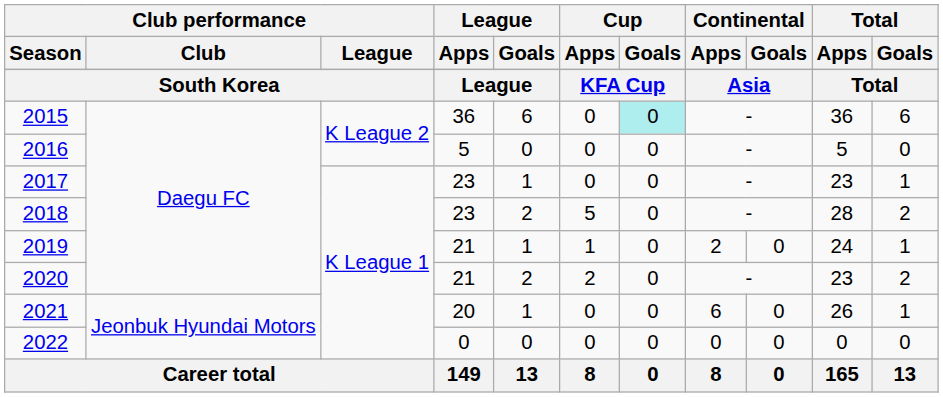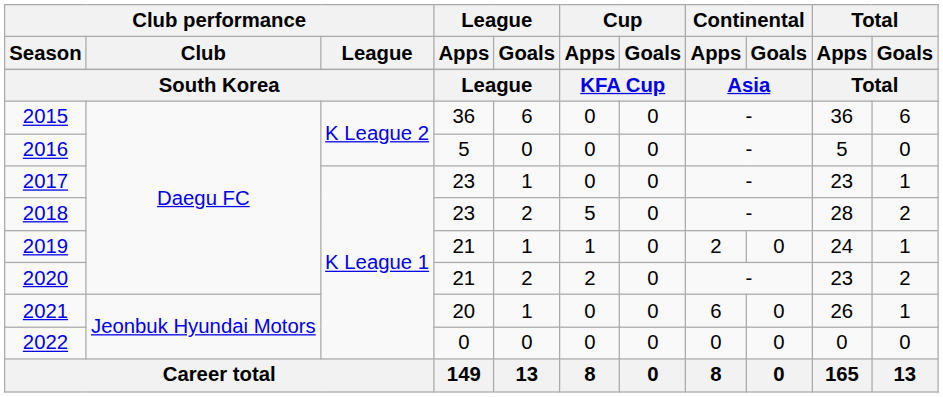 <table class="wikitable" style="text-align:center">
 <tr>
 <th colspan=3>Club performance</th>
 <th colspan=2>League</th>
 <th colspan=2>Cup</th>
 <th colspan=2>Continental</th>
 <th colspan=2>Total</th>
 </tr>
 <tr>
 <th>Season</th>
 <th>Club</th>
 <th>League</th>
 <th>Apps</th>
 <th>Goals</th>
 <th>Apps</th>
 <th>Goals</th>
 <th>Apps</th>
 <th>Goals</th>
 <th>Apps</th>
 <th>Goals</th>
 </tr>
 <tr>
 </tr>
 <tr>
 <th colspan=3>South Korea</th>
 <th colspan=2>League</th>
 <th colspan=2><a href='#'>KFA Cup</a></th>
 <th colspan=2><a href='#'>Asia</a></th>
 <th colspan=2>Total</th>
 </tr>
 <tr>
 <td><a href='#'>2015</a></td>
 <td rowspan="6"><a href='#'>Daegu FC</a></td>
 <td rowspan="2"><a href='#'>K League 2</a></td>
 <td>36</td>
 <td>6</td>
 <td>0</td>
-<td style="background: paleturquoise;">0</td>
+<td>0</td>
 <td colspan="2">-</td>
 <td>36</td>
 <td>6</td>
 </tr>
 <tr>
 <td><a href='#'>2016</a></td>
 <td>5</td>
 <td>0</td>
 <td>0</td>
 <td>0</td>
 <td colspan="2">-</td>
 <td>5</td>
 <td>0</td>
 </tr>
 <tr>
 <td><a href='#'>2017</a></td>
 <td rowspan="6"><a href='#'>K League 1</a></td>
 <td>23</td>
 <td>1</td>
 <td>0</td>
 <td>0</td>
 <td colspan="2">-</td>
 <td>23</td>
 <td>1</td>
 </tr>
 <tr>
 <td><a href='#'>2018</a></td>
 <td>23</td>
 <td>2</td>
 <td>5</td>
 <td>0</td>
 <td colspan="2">-</td>
 <td>28</td>
 <td>2</td>
 </tr>
 <tr>
 <td><a href='#'>2019</a></td>
 <td>21</td>
 <td>1</td>
 <td>1</td>
 <td>0</td>
 <td>2</td>
 <td>0</td>
 <td>24</td>
 <td>1</td>
 </tr>
 <tr>
 <td><a href='#'>2020</a></td>
 <td>21</td>
 <td>2</td>
 <td>2</td>
 <td>0</td>
 <td colspan="2">-</td>
 <td>23</td>
 <td>2</td>
 </tr>
 <tr>
 <td><a href='#'>2021</a></td>
 <td rowspan="2"><a href='#'>Jeonbuk Hyundai Motors</a></td>
 <td>20</td>
 <td>1</td>
 <td>0</td>
 <td>0</td>
 <td>6</td>
 <td>0</td>
 <td>26</td>
 <td>1</td>
 </tr>
 <tr>
 <td><a href='#'>2022</a></td>
 <td>0</td>
 <td>0</td>
 <td>0</td>
 <td>0</td>
 <td>0</td>
 <td>0</td>
 <td>0</td>
 <td>0</td>
 </tr>
 <tr>
 <th colspan=3>Career total</th>
 <th>149</th>
 <th>13</th>
 <th>8</th>
 <th>0</th>
 <th>8</th>
 <th>0</th>
 <th>165</th>
 <th>13</th>
 </tr>
 </table>
